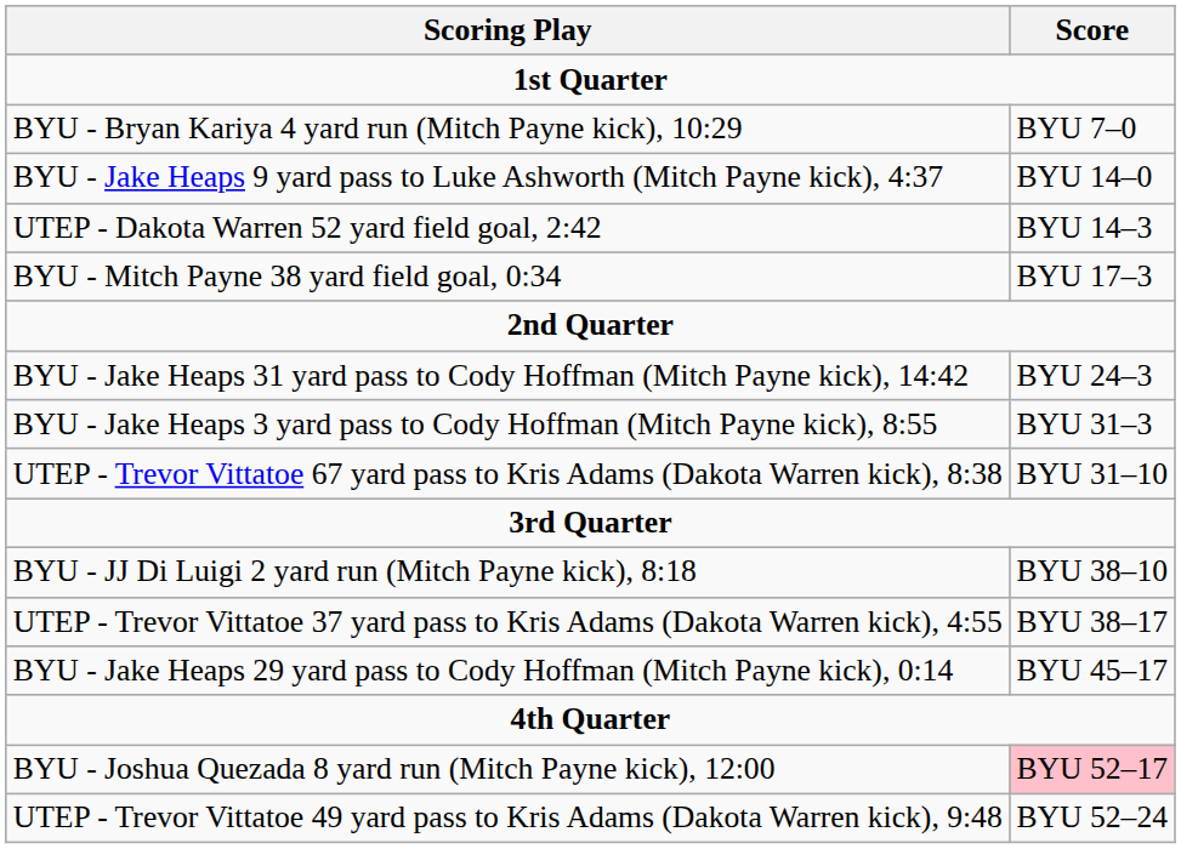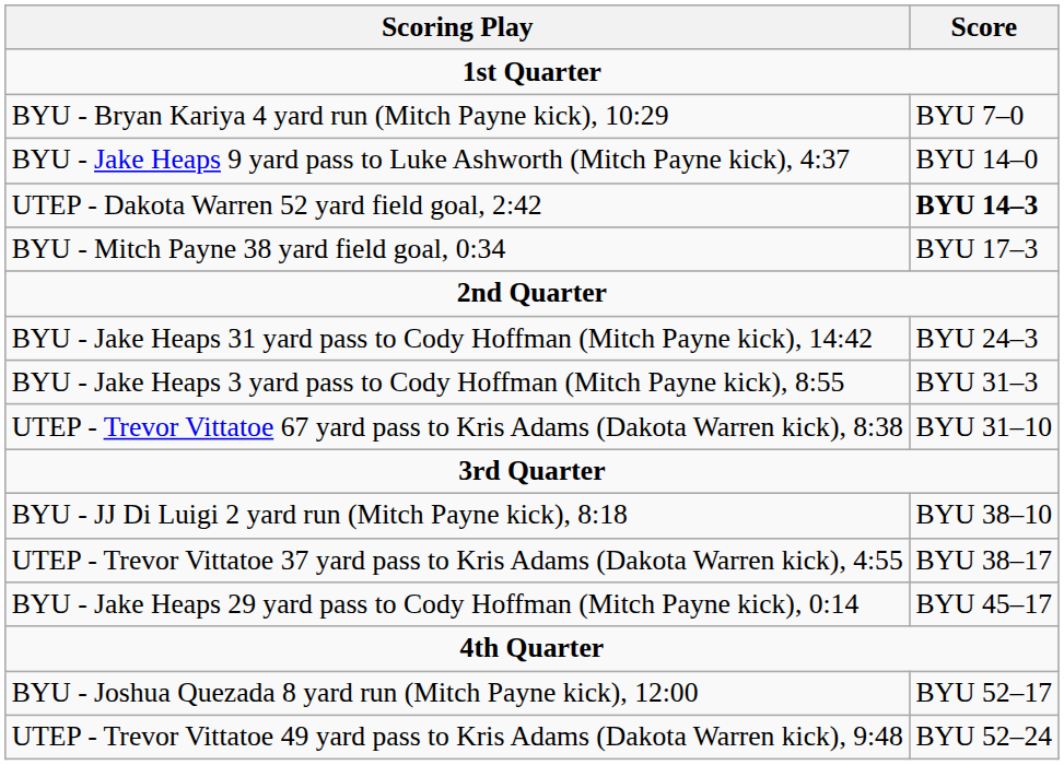 <table class="wikitable">
 <tr>
 <th>Scoring Play</th>
 <th>Score</th>
 </tr>
 <tr>
 <td colspan="4" align="center"><strong>1st Quarter</strong></td>
 </tr>
 <tr>
 <td>BYU - Bryan Kariya 4 yard run (Mitch Payne kick), 10:29</td>
 <td>BYU 7–0</td>
 </tr>
 <tr>
 <td>BYU - <a href='#'>Jake Heaps</a> 9 yard pass to Luke Ashworth (Mitch Payne kick), 4:37</td>
 <td>BYU 14–0</td>
 </tr>
 <tr>
 <td>UTEP - Dakota Warren 52 yard field goal, 2:42</td>
-<td>BYU 14–3</td>
+<td><strong>BYU 14–3</strong></td>
 </tr>
 <tr>
 <td>BYU - Mitch Payne 38 yard field goal, 0:34</td>
 <td>BYU 17–3</td>
 </tr>
 <tr>
 <td colspan="4" align="center"><strong>2nd Quarter</strong></td>
 </tr>
 <tr>
 <td>BYU - Jake Heaps 31 yard pass to Cody Hoffman (Mitch Payne kick), 14:42</td>
 <td>BYU 24–3</td>
 </tr>
 <tr>
 <td>BYU - Jake Heaps 3 yard pass to Cody Hoffman (Mitch Payne kick), 8:55</td>
 <td>BYU 31–3</td>
 </tr>
 <tr>
 <td>UTEP - <a href='#'>Trevor Vittatoe</a> 67 yard pass to Kris Adams (Dakota Warren kick), 8:38</td>
 <td>BYU 31–10</td>
 </tr>
 <tr>
 <td colspan="4" align="center"><strong>3rd Quarter</strong></td>
 </tr>
 <tr>
 <td>BYU - JJ Di Luigi 2 yard run (Mitch Payne kick), 8:18</td>
 <td>BYU 38–10</td>
 </tr>
 <tr>
 <td>UTEP - Trevor Vittatoe 37 yard pass to Kris Adams (Dakota Warren kick), 4:55</td>
 <td>BYU 38–17</td>
 </tr>
 <tr>
 <td>BYU - Jake Heaps 29 yard pass to Cody Hoffman (Mitch Payne kick), 0:14</td>
 <td>BYU 45–17</td>
 </tr>
 <tr>
 <td colspan="4" align="center"><strong>4th Quarter</strong></td>
 </tr>
 <tr>
 <td>BYU - Joshua Quezada 8 yard run (Mitch Payne kick), 12:00</td>
-<td style="background: pink;">BYU 52–17</td>
+<td>BYU 52–17</td>
 </tr>
 <tr>
 <td>UTEP - Trevor Vittatoe 49 yard pass to Kris Adams (Dakota Warren kick), 9:48</td>
 <td>BYU 52–24</td>
 </tr>
 </table>
